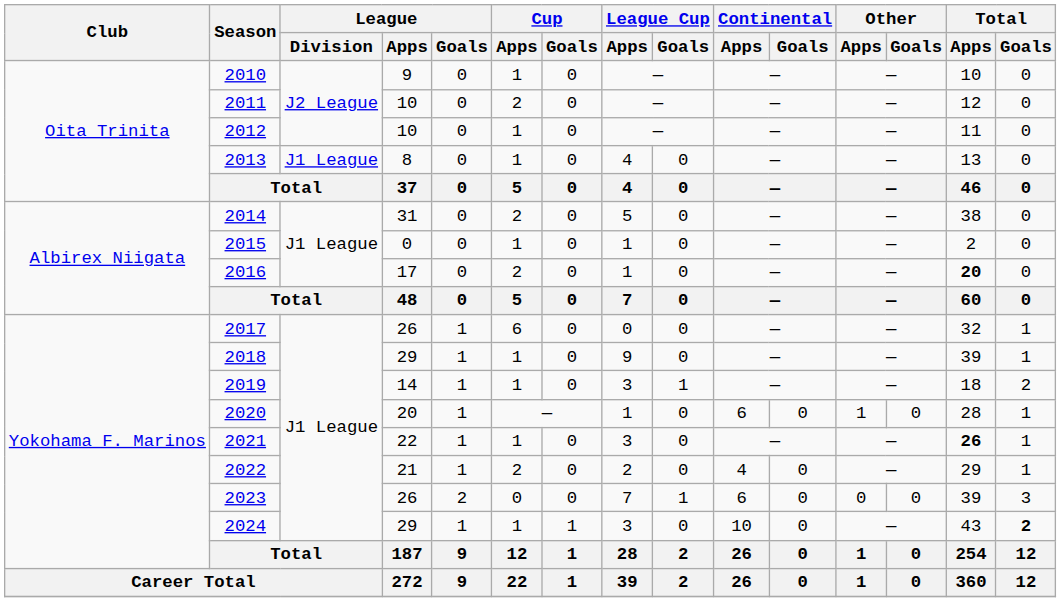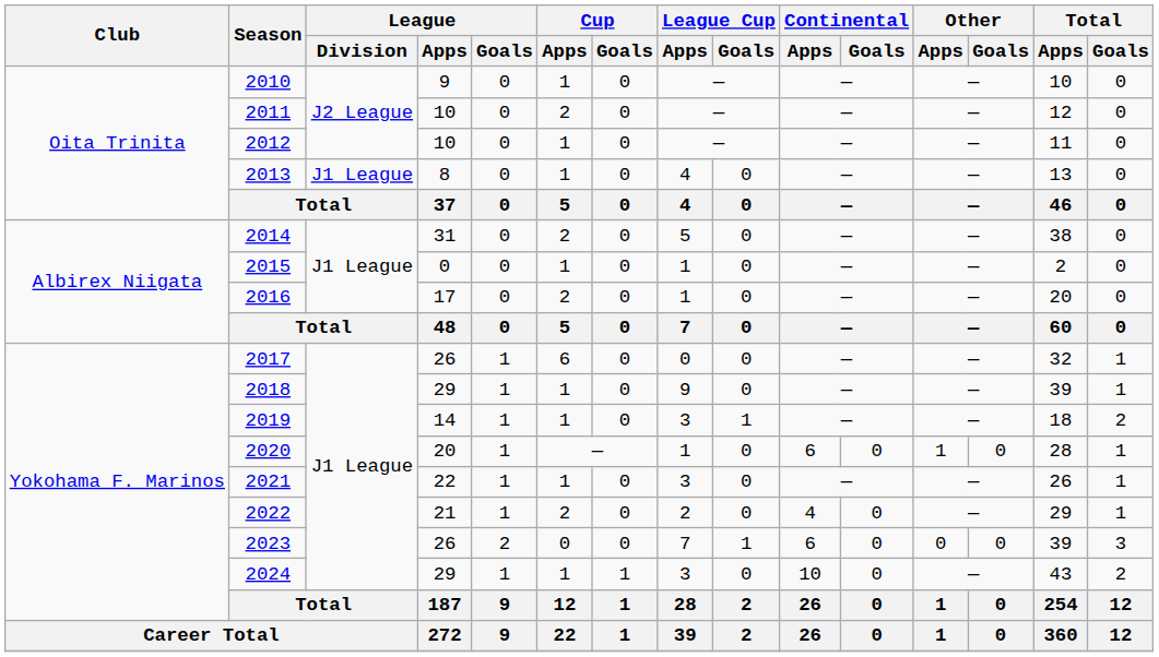 <table class="wikitable" style="text-align:center;">
 <tr>
 <th rowspan="2">Club</th>
 <th rowspan="2">Season</th>
 <th colspan="3">League</th>
 <th colspan="2"><a href='#'>Cup</a></th>
 <th colspan="2"><a href='#'>League Cup</a></th>
 <th colspan="2"><a href='#'>Continental</a></th>
 <th colspan="2">Other</th>
 <th colspan="2">Total</th>
 </tr>
 <tr>
 <th>Division</th>
 <th>Apps</th>
 <th>Goals</th>
 <th>Apps</th>
 <th>Goals</th>
 <th>Apps</th>
 <th>Goals</th>
 <th>Apps</th>
 <th>Goals</th>
 <th>Apps</th>
 <th>Goals</th>
 <th>Apps</th>
 <th>Goals</th>
 </tr>
 <tr>
 <td rowspan="5"><a href='#'>Oita Trinita</a></td>
 <td><a href='#'>2010</a></td>
 <td rowspan="3"><a href='#'>J2 League</a></td>
 <td>9</td>
 <td>0</td>
 <td>1</td>
 <td>0</td>
 <td colspan="2">—</td>
 <td colspan="2">—</td>
 <td colspan="2">—</td>
 <td>10</td>
 <td>0</td>
 </tr>
 <tr>
 <td><a href='#'>2011</a></td>
 <td>10</td>
 <td>0</td>
 <td>2</td>
 <td>0</td>
 <td colspan="2">—</td>
 <td colspan="2">—</td>
 <td colspan="2">—</td>
 <td>12</td>
 <td>0</td>
 </tr>
 <tr>
 <td><a href='#'>2012</a></td>
 <td>10</td>
 <td>0</td>
 <td>1</td>
 <td>0</td>
 <td colspan="2">—</td>
 <td colspan="2">—</td>
 <td colspan="2">—</td>
 <td>11</td>
 <td>0</td>
 </tr>
 <tr>
 <td><a href='#'>2013</a></td>
 <td><a href='#'>J1 League</a></td>
 <td>8</td>
 <td>0</td>
 <td>1</td>
 <td>0</td>
 <td>4</td>
 <td>0</td>
 <td colspan="2">—</td>
 <td colspan="2">—</td>
 <td>13</td>
 <td>0</td>
 </tr>
 <tr>
 <th colspan="2">Total</th>
 <th>37</th>
 <th>0</th>
 <th>5</th>
 <th>0</th>
 <th>4</th>
 <th>0</th>
 <th colspan="2">—</th>
 <th colspan="2">—</th>
 <th>46</th>
 <th>0</th>
 </tr>
 <tr>
 <td rowspan="4"><a href='#'>Albirex Niigata</a></td>
 <td><a href='#'>2014</a></td>
 <td rowspan="3">J1 League</td>
 <td>31</td>
 <td>0</td>
 <td>2</td>
 <td>0</td>
 <td>5</td>
 <td>0</td>
 <td colspan="2">—</td>
 <td colspan="2">—</td>
 <td>38</td>
 <td>0</td>
 </tr>
 <tr>
 <td><a href='#'>2015</a></td>
 <td>0</td>
 <td>0</td>
 <td>1</td>
 <td>0</td>
 <td>1</td>
 <td>0</td>
 <td colspan="2">—</td>
 <td colspan="2">—</td>
 <td>2</td>
 <td>0</td>
 </tr>
 <tr>
 <td><a href='#'>2016</a></td>
 <td>17</td>
 <td>0</td>
 <td>2</td>
 <td>0</td>
 <td>1</td>
 <td>0</td>
 <td colspan="2">—</td>
 <td colspan="2">—</td>
-<td><strong>20</strong></td>
+<td>20</td>
 <td>0</td>
 </tr>
 <tr>
 <th colspan="2">Total</th>
 <th>48</th>
 <th>0</th>
 <th>5</th>
 <th>0</th>
 <th>7</th>
 <th>0</th>
 <th colspan="2">—</th>
 <th colspan="2">—</th>
 <th>60</th>
 <th>0</th>
 </tr>
 <tr>
 <td rowspan="9"><a href='#'>Yokohama F. Marinos</a></td>
 <td><a href='#'>2017</a></td>
 <td rowspan="8">J1 League</td>
 <td>26</td>
 <td>1</td>
 <td>6</td>
 <td>0</td>
 <td>0</td>
 <td>0</td>
 <td colspan="2">—</td>
 <td colspan="2">—</td>
 <td>32</td>
 <td>1</td>
 </tr>
 <tr>
 <td><a href='#'>2018</a></td>
 <td>29</td>
 <td>1</td>
 <td>1</td>
 <td>0</td>
 <td>9</td>
 <td>0</td>
 <td colspan="2">—</td>
 <td colspan="2">—</td>
 <td>39</td>
 <td>1</td>
 </tr>
 <tr>
 <td><a href='#'>2019</a></td>
 <td>14</td>
 <td>1</td>
 <td>1</td>
 <td>0</td>
 <td>3</td>
 <td>1</td>
 <td colspan="2">—</td>
 <td colspan="2">—</td>
 <td>18</td>
 <td>2</td>
 </tr>
 <tr>
 <td><a href='#'>2020</a></td>
 <td>20</td>
 <td>1</td>
 <td colspan="2">—</td>
 <td>1</td>
 <td>0</td>
 <td>6</td>
 <td>0</td>
 <td>1</td>
 <td>0</td>
 <td>28</td>
 <td>1</td>
 </tr>
 <tr>
 <td><a href='#'>2021</a></td>
 <td>22</td>
 <td>1</td>
 <td>1</td>
 <td>0</td>
 <td>3</td>
 <td>0</td>
 <td colspan="2">—</td>
 <td colspan="2">—</td>
-<td><strong>26</strong></td>
+<td>26</td>
 <td>1</td>
 </tr>
 <tr>
 <td><a href='#'>2022</a></td>
 <td>21</td>
 <td>1</td>
 <td>2</td>
 <td>0</td>
 <td>2</td>
 <td>0</td>
 <td>4</td>
 <td>0</td>
 <td colspan="2">—</td>
 <td>29</td>
 <td>1</td>
 </tr>
 <tr>
 <td><a href='#'>2023</a></td>
 <td>26</td>
 <td>2</td>
 <td>0</td>
 <td>0</td>
 <td>7</td>
 <td>1</td>
 <td>6</td>
 <td>0</td>
 <td>0</td>
 <td>0</td>
 <td>39</td>
 <td>3</td>
 </tr>
 <tr>
 <td><a href='#'>2024</a></td>
 <td>29</td>
 <td>1</td>
 <td>1</td>
 <td>1</td>
 <td>3</td>
 <td>0</td>
 <td>10</td>
 <td>0</td>
 <td colspan="2">—</td>
 <td>43</td>
-<td><strong>2</strong></td>
+<td>2</td>
 </tr>
 <tr>
 <th colspan="2">Total</th>
 <th>187</th>
 <th>9</th>
 <th>12</th>
 <th>1</th>
 <th>28</th>
 <th>2</th>
 <th>26</th>
 <th>0</th>
 <th>1</th>
 <th>0</th>
 <th>254</th>
 <th>12</th>
 </tr>
 <tr>
 <th colspan="3">Career Total</th>
 <th>272</th>
 <th>9</th>
 <th>22</th>
 <th>1</th>
 <th>39</th>
 <th>2</th>
 <th>26</th>
 <th>0</th>
 <th>1</th>
 <th>0</th>
 <th>360</th>
 <th>12</th>
 </tr>
 <tr>
 </tr>
 </table>
